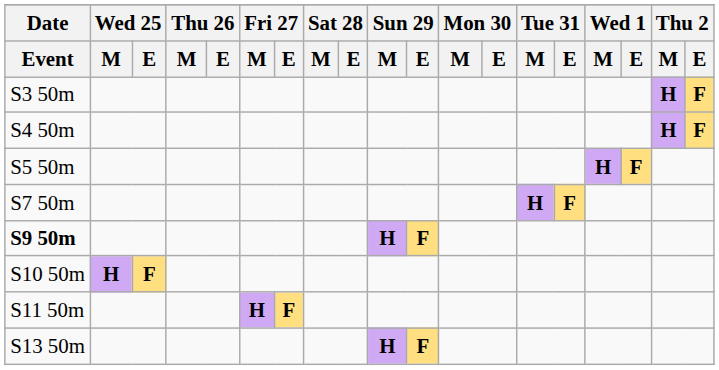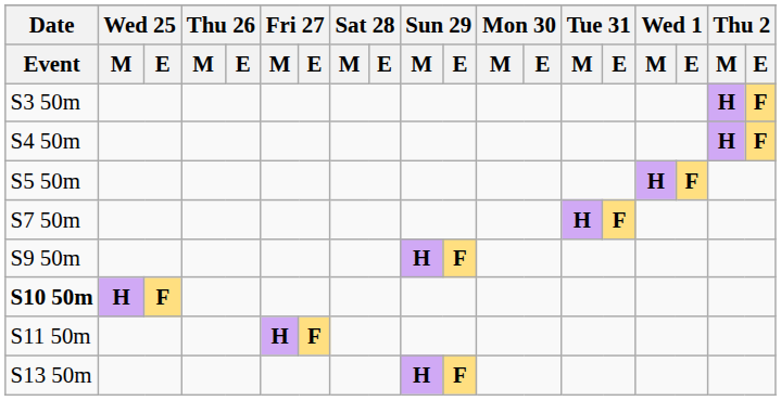 <table class="wikitable" style="margin:0.5em auto; font-size:90%; line-height:1.25em;">
 <tr align="center">
 </tr>
 <tr>
 <th>Date</th>
 <th colspan="2">Wed 25</th>
 <th colspan="2">Thu 26</th>
 <th colspan="2">Fri 27</th>
 <th colspan="2">Sat 28</th>
 <th colspan="2">Sun 29</th>
 <th colspan="2">Mon 30</th>
 <th colspan="2">Tue 31</th>
 <th colspan="2">Wed 1</th>
 <th colspan="2">Thu 2</th>
 </tr>
 <tr>
 <th>Event</th>
 <th>M</th>
 <th>E</th>
 <th>M</th>
 <th>E</th>
 <th>M</th>
 <th>E</th>
 <th>M</th>
 <th>E</th>
 <th>M</th>
 <th>E</th>
 <th>M</th>
 <th>E</th>
 <th>M</th>
 <th>E</th>
 <th>M</th>
 <th>E</th>
 <th>M</th>
 <th>E</th>
 </tr>
 <tr align="center">
 <td align="left">S3 50m</td>
 <td colspan="2"></td>
 <td colspan="2"></td>
 <td colspan="2"></td>
 <td colspan="2"></td>
 <td colspan="2"></td>
 <td colspan="2"></td>
 <td colspan="2"></td>
 <td colspan="2"></td>
 <td bgcolor="#D0A9F5"><strong>H</strong></td>
 <td bgcolor="#FFDF80"><strong>F</strong></td>
 </tr>
 <tr align="center">
 <td align="left">S4 50m</td>
 <td colspan="2"></td>
 <td colspan="2"></td>
 <td colspan="2"></td>
 <td colspan="2"></td>
 <td colspan="2"></td>
 <td colspan="2"></td>
 <td colspan="2"></td>
 <td colspan="2"></td>
 <td bgcolor="#D0A9F5"><strong>H</strong></td>
 <td bgcolor="#FFDF80"><strong>F</strong></td>
 </tr>
 <tr align="center">
 <td align="left">S5 50m</td>
 <td colspan="2"></td>
 <td colspan="2"></td>
 <td colspan="2"></td>
 <td colspan="2"></td>
 <td colspan="2"></td>
 <td colspan="2"></td>
 <td colspan="2"></td>
 <td bgcolor="#D0A9F5"><strong>H</strong></td>
 <td bgcolor="#FFDF80"><strong>F</strong></td>
 <td colspan="2"></td>
 </tr>
 <tr align="center">
 <td align="left">S7 50m</td>
 <td colspan="2"></td>
 <td colspan="2"></td>
 <td colspan="2"></td>
 <td colspan="2"></td>
 <td colspan="2"></td>
 <td colspan="2"></td>
 <td bgcolor="#D0A9F5"><strong>H</strong></td>
 <td bgcolor="#FFDF80"><strong>F</strong></td>
 <td colspan="2"></td>
 <td colspan="2"></td>
 </tr>
 <tr align="center">
-<td align="left"><strong>S9 50m</strong></td>
+<td align="left">S9 50m</td>
 <td colspan="2"></td>
 <td colspan="2"></td>
 <td colspan="2"></td>
 <td colspan="2"></td>
 <td bgcolor="#D0A9F5"><strong>H</strong></td>
 <td bgcolor="#FFDF80"><strong>F</strong></td>
 <td colspan="2"></td>
 <td colspan="2"></td>
 <td colspan="2"></td>
 <td colspan="2"></td>
 </tr>
 <tr align="center">
-<td align="left">S10 50m</td>
+<td align="left"><strong>S10 50m</strong></td>
 <td bgcolor="#D0A9F5"><strong>H</strong></td>
 <td bgcolor="#FFDF80"><strong>F</strong></td>
 <td colspan="2"></td>
 <td colspan="2"></td>
 <td colspan="2"></td>
 <td colspan="2"></td>
 <td colspan="2"></td>
 <td colspan="2"></td>
 <td colspan="2"></td>
 <td colspan="2"></td>
 </tr>
 <tr align="center">
 <td align="left">S11 50m</td>
 <td colspan="2"></td>
 <td colspan="2"></td>
 <td bgcolor="#D0A9F5"><strong>H</strong></td>
 <td bgcolor="#FFDF80"><strong>F</strong></td>
 <td colspan="2"></td>
 <td colspan="2"></td>
 <td colspan="2"></td>
 <td colspan="2"></td>
 <td colspan="2"></td>
 <td colspan="2"></td>
 </tr>
 <tr align="center">
 <td align="left">S13 50m</td>
 <td colspan="2"></td>
 <td colspan="2"></td>
 <td colspan="2"></td>
 <td colspan="2"></td>
 <td bgcolor="#D0A9F5"><strong>H</strong></td>
 <td bgcolor="#FFDF80"><strong>F</strong></td>
 <td colspan="2"></td>
 <td colspan="2"></td>
 <td colspan="2"></td>
 <td colspan="2"></td>
 </tr>
 </table>
